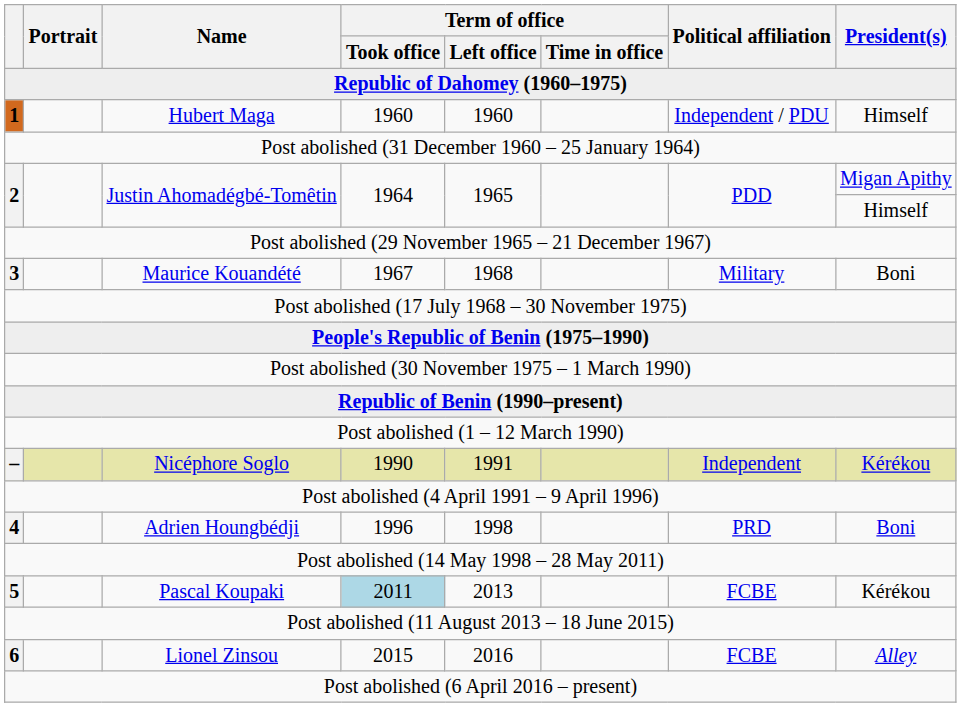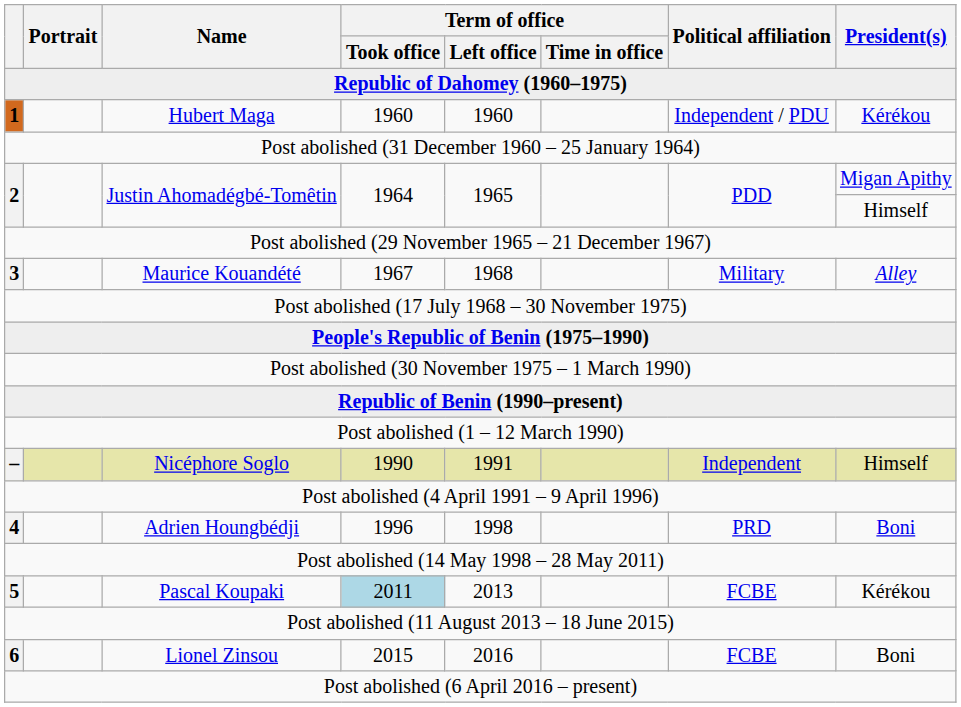 <table class="wikitable" style="text-align:center">
 <tr>
 <th rowspan="2"></th>
 <th rowspan="2">Portrait</th>
 <th rowspan="2">Name<br></th>
 <th colspan="3">Term of office</th>
 <th rowspan="2">Political affiliation</th>
 <th rowspan="2"><a href='#'>President(s)</a></th>
 </tr>
 <tr>
 <th>Took office</th>
 <th>Left office</th>
 <th>Time in office</th>
 </tr>
 <tr bgcolor="#EEEEEE">
 <td colspan="8"><strong><a href='#'>Republic of Dahomey</a> (1960–1975)</strong></td>
 </tr>
 <tr>
 <th style="background:#D2691E; color:black;">1</th>
 <td></td>
 <td><a href='#'>Hubert Maga</a><br></td>
 <td> 1960</td>
 <td> 1960</td>
 <td></td>
 <td><a href='#'>Independent</a> / <a href='#'>PDU</a></td>
-<td>Himself</td>
+<td><a href='#'>Kérékou</a></td>
 </tr>
 <tr>
 <td colspan="8">Post abolished (31 December 1960 – 25 January 1964)</td>
 </tr>
 <tr>
 <th rowspan=2 style="background:">2</th>
 <td rowspan=2></td>
 <td rowspan=2><a href='#'>Justin Ahomadégbé-Tomêtin</a><br></td>
 <td rowspan=2> 1964</td>
 <td rowspan=2> 1965</td>
 <td rowspan=2></td>
 <td rowspan=2><a href='#'>PDD</a></td>
 <td><a href='#'>Migan Apithy</a></td>
 </tr>
 <tr>
 <td>Himself</td>
 </tr>
 <tr>
 <td colspan="8">Post abolished (29 November 1965 – 21 December 1967)</td>
 </tr>
 <tr>
 <th style="background:">3</th>
 <td></td>
 <td><a href='#'>Maurice Kouandété</a><br></td>
 <td> 1967</td>
 <td> 1968</td>
 <td></td>
 <td><a href='#'>Military</a></td>
-<td>Boni</td>
+<td><a href='#'><em>Alley</em></a></td>
 </tr>
 <tr>
 <td colspan="8">Post abolished (17 July 1968 – 30 November 1975)</td>
 </tr>
 <tr bgcolor="#EEEEEE">
 <td colspan="8"><strong><a href='#'>People's Republic of Benin</a> (1975–1990)</strong></td>
 </tr>
 <tr>
 <td colspan="8">Post abolished (30 November 1975 – 1 March 1990)</td>
 </tr>
 <tr bgcolor="#EEEEEE">
 <td colspan="8"><strong><a href='#'>Republic of Benin</a> (1990–present)</strong></td>
 </tr>
 <tr>
 <td colspan="8">Post abolished (1 – 12 March 1990)</td>
 </tr>
 <tr style="background:#e6e6aa;">
 <th style="background:">–</th>
 <td></td>
 <td><a href='#'>Nicéphore Soglo</a><br></td>
 <td> 1990</td>
 <td> 1991</td>
 <td></td>
 <td><a href='#'>Independent</a></td>
-<td><a href='#'>Kérékou</a></td>
+<td>Himself</td>
 </tr>
 <tr>
 <td colspan="8">Post abolished (4 April 1991 – 9 April 1996)</td>
 </tr>
 <tr>
 <th style="background:">4</th>
 <td></td>
 <td><a href='#'>Adrien Houngbédji</a><br></td>
 <td> 1996</td>
 <td> 1998</td>
 <td></td>
 <td><a href='#'>PRD</a></td>
 <td><a href='#'>Boni</a></td>
 </tr>
 <tr>
 <td colspan="8">Post abolished (14 May 1998 – 28 May 2011)</td>
 </tr>
 <tr>
 <th style="background:">5</th>
 <td></td>
 <td><a href='#'>Pascal Koupaki</a><br></td>
 <td style="background: lightblue;"> 2011</td>
 <td> 2013</td>
 <td></td>
 <td><a href='#'>FCBE</a></td>
 <td>Kérékou</td>
 </tr>
 <tr>
 <td colspan="8">Post abolished (11 August 2013 – 18 June 2015)</td>
 </tr>
 <tr>
 <th style="background:">6</th>
 <td></td>
 <td><a href='#'>Lionel Zinsou</a><br></td>
 <td> 2015</td>
 <td> 2016</td>
 <td></td>
 <td><a href='#'>FCBE</a></td>
-<td><a href='#'><em>Alley</em></a></td>
+<td>Boni</td>
 </tr>
 <tr>
 <td colspan="8">Post abolished (6 April 2016 – present)</td>
 </tr>
 </table>
